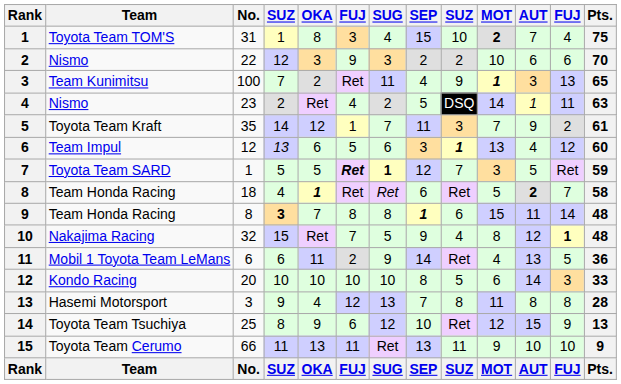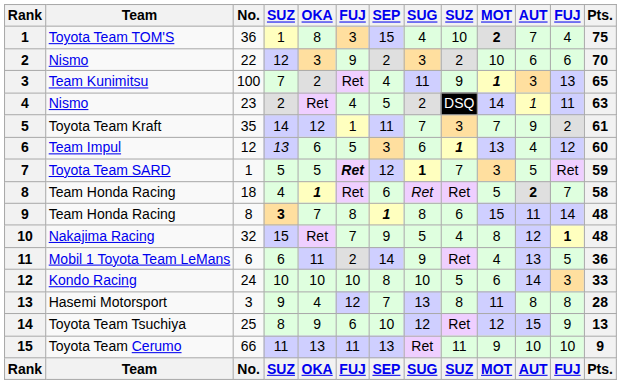 <table class="wikitable" style="font-size:85%; text-align:center">
 <tr>
 <th>Rank</th>
 <th>Team</th>
 <th>No.</th>
 <th><a href='#'>SUZ</a><br></th>
 <th><a href='#'>OKA</a><br></th>
 <th><a href='#'>FUJ</a><br></th>
+<th><a href='#'>SEP</a><br></th>
 <th><a href='#'>SUG</a><br></th>
-<th><a href='#'>SEP</a><br></th>
 <th><a href='#'>SUZ</a><br></th>
 <th><a href='#'>MOT</a><br></th>
 <th><a href='#'>AUT</a><br></th>
 <th><a href='#'>FUJ</a><br></th>
 <th>Pts.</th>
 </tr>
 <tr>
 <th>1</th>
 <td align="left"><a href='#'>Toyota Team TOM'S</a></td>
-<td>31</td>
+<td>36</td>
 <td style="background:#ffffbf;">1</td>
 <td style="background:#DFFFDF;">8</td>
 <td style="background:#ffdf9f;">3</td>
+<td style="background:#cfcfff;">15</td>
 <td style="background:#DFFFDF;">4</td>
-<td style="background:#cfcfff;">15</td>
 <td style="background:#DFFFDF;">10</td>
 <td style="background:#DFDFDF;"><strong>2</strong></td>
 <td style="background:#DFFFDF;">7</td>
 <td style="background:#DFFFDF;">4</td>
 <th>75</th>
 </tr>
 <tr>
 <th>2</th>
 <td align="left"><a href='#'>Nismo</a></td>
 <td>22</td>
 <td style="background:#cfcfff;">12</td>
 <td style="background:#ffdf9f;">3</td>
 <td style="background:#DFFFDF;">9</td>
+<td style="background:#DFDFDF;">2</td>
 <td style="background:#ffdf9f;">3</td>
-<td style="background:#DFDFDF;">2</td>
 <td style="background:#DFDFDF;">2</td>
 <td style="background:#DFFFDF;">10</td>
 <td style="background:#DFFFDF;">6</td>
 <td style="background:#DFFFDF;">6</td>
 <th>70</th>
 </tr>
 <tr>
 <th>3</th>
 <td align="left"><a href='#'>Team Kunimitsu</a></td>
 <td>100</td>
 <td style="background:#DFFFDF;">7</td>
 <td style="background:#DFDFDF;">2</td>
 <td style="background:#efcfff;">Ret</td>
+<td style="background:#DFFFDF;">4</td>
 <td style="background:#cfcfff;">11</td>
-<td style="background:#DFFFDF;">4</td>
 <td style="background:#DFFFDF;">9</td>
 <td style="background:#ffffbf;"><strong><em>1</em></strong></td>
 <td style="background:#ffdf9f;">3</td>
 <td style="background:#cfcfff;">13</td>
 <th>65</th>
 </tr>
 <tr>
 <th>4</th>
 <td align="left"><a href='#'>Nismo</a></td>
 <td>23</td>
 <td style="background:#DFDFDF;">2</td>
 <td style="background:#efcfff;">Ret</td>
 <td style="background:#DFFFDF;">4</td>
+<td style="background:#DFFFDF;">5</td>
 <td style="background:#DFDFDF;">2</td>
-<td style="background:#DFFFDF;">5</td>
 <td style="background:#000000; color:white;">DSQ</td>
 <td style="background:#cfcfff;">14</td>
 <td style="background:#ffffbf;"><em>1</em></td>
 <td style="background:#cfcfff;">11</td>
 <th>63</th>
 </tr>
 <tr>
 <th>5</th>
 <td align="left">Toyota Team Kraft</td>
 <td>35</td>
 <td style="background:#cfcfff;">14</td>
 <td style="background:#cfcfff;">12</td>
 <td style="background:#ffffbf;">1</td>
+<td style="background:#cfcfff;">11</td>
 <td style="background:#DFFFDF;">7</td>
-<td style="background:#cfcfff;">11</td>
 <td style="background:#ffdf9f;">3</td>
 <td style="background:#DFFFDF;">7</td>
 <td style="background:#DFFFDF;">9</td>
 <td style="background:#DFDFDF;">2</td>
 <th>61</th>
 </tr>
 <tr>
 <th>6</th>
 <td align="left"><a href='#'>Team Impul</a></td>
 <td>12</td>
 <td style="background:#cfcfff;"><em>13</em></td>
 <td style="background:#DFFFDF;">6</td>
 <td style="background:#DFFFDF;">5</td>
+<td style="background:#ffdf9f;">3</td>
 <td style="background:#DFFFDF;">6</td>
-<td style="background:#ffdf9f;">3</td>
 <td style="background:#ffffbf;"><strong><em>1</em></strong></td>
 <td style="background:#cfcfff;">13</td>
 <td style="background:#DFFFDF;">4</td>
 <td style="background:#cfcfff;">12</td>
 <th>60</th>
 </tr>
 <tr>
 <th>7</th>
 <td align="left"><a href='#'>Toyota Team SARD</a></td>
 <td>1</td>
 <td style="background:#DFFFDF;">5</td>
 <td style="background:#DFFFDF;">5</td>
 <td style="background:#efcfff;"><strong><em>Ret</em></strong></td>
+<td style="background:#cfcfff;">12</td>
 <td style="background:#ffffbf;"><strong>1</strong></td>
-<td style="background:#cfcfff;">12</td>
 <td style="background:#DFFFDF;">7</td>
 <td style="background:#ffdf9f;">3</td>
 <td style="background:#DFFFDF;">5</td>
 <td style="background:#efcfff;">Ret</td>
 <th>59</th>
 </tr>
 <tr>
 <th>8</th>
 <td align="left">Team Honda Racing</td>
 <td>18</td>
 <td style="background:#DFFFDF;">4</td>
 <td style="background:#ffffbf;"><strong><em>1</em></strong></td>
 <td style="background:#efcfff;">Ret</td>
+<td style="background:#DFFFDF;">6</td>
 <td style="background:#efcfff;"><em>Ret</em></td>
-<td style="background:#DFFFDF;">6</td>
 <td style="background:#efcfff;">Ret</td>
 <td style="background:#DFFFDF;">5</td>
 <td style="background:#DFDFDF;"><strong>2</strong></td>
 <td style="background:#DFFFDF;">7</td>
 <th>58</th>
 </tr>
 <tr>
 <th>9</th>
 <td align="left">Team Honda Racing</td>
 <td>8</td>
 <td style="background:#ffdf9f;"><strong>3</strong></td>
 <td style="background:#DFFFDF;">7</td>
 <td style="background:#DFFFDF;">8</td>
+<td style="background:#ffffbf;"><strong><em>1</em></strong></td>
 <td style="background:#DFFFDF;">8</td>
-<td style="background:#ffffbf;"><strong><em>1</em></strong></td>
 <td style="background:#DFFFDF;">6</td>
 <td style="background:#cfcfff;">15</td>
 <td style="background:#cfcfff;">11</td>
 <td style="background:#cfcfff;">14</td>
 <th>48</th>
 </tr>
 <tr>
 <th>10</th>
 <td align="left"><a href='#'>Nakajima Racing</a></td>
 <td>32</td>
 <td style="background:#cfcfff;">15</td>
 <td style="background:#efcfff;">Ret</td>
 <td style="background:#DFFFDF;">7</td>
+<td style="background:#DFFFDF;">9</td>
 <td style="background:#DFFFDF;">5</td>
-<td style="background:#DFFFDF;">9</td>
 <td style="background:#DFFFDF;">4</td>
 <td style="background:#DFFFDF;">8</td>
 <td style="background:#cfcfff;">12</td>
 <td style="background:#ffffbf;"><strong>1</strong></td>
 <th>48</th>
 </tr>
 <tr>
 <th>11</th>
 <td align="left"><a href='#'>Mobil 1 Toyota Team LeMans</a></td>
 <td>6</td>
 <td style="background:#DFFFDF;">6</td>
 <td style="background:#cfcfff;">11</td>
 <td style="background:#DFDFDF;">2</td>
+<td style="background:#cfcfff;">14</td>
 <td style="background:#DFFFDF;">9</td>
-<td style="background:#cfcfff;">14</td>
 <td style="background:#efcfff;">Ret</td>
 <td style="background:#DFFFDF;">4</td>
 <td style="background:#cfcfff;">13</td>
 <td style="background:#DFFFDF;">5</td>
 <th>36</th>
 </tr>
 <tr>
 <th>12</th>
 <td align="left"><a href='#'>Kondo Racing</a></td>
-<td>20</td>
-<td style="background:#DFFFDF;">10</td>
+<td>24</td>
 <td style="background:#DFFFDF;">10</td>
 <td style="background:#DFFFDF;">10</td>
 <td style="background:#DFFFDF;">10</td>
 <td style="background:#DFFFDF;">8</td>
+<td style="background:#DFFFDF;">10</td>
 <td style="background:#DFFFDF;">5</td>
 <td style="background:#DFFFDF;">6</td>
 <td style="background:#cfcfff;">14</td>
 <td style="background:#ffdf9f;">3</td>
 <th>33</th>
 </tr>
 <tr>
 <th>13</th>
 <td align="left">Hasemi Motorsport</td>
 <td>3</td>
 <td style="background:#DFFFDF;">9</td>
 <td style="background:#DFFFDF;">4</td>
 <td style="background:#cfcfff;">12</td>
+<td style="background:#DFFFDF;">7</td>
 <td style="background:#cfcfff;">13</td>
-<td style="background:#DFFFDF;">7</td>
 <td style="background:#DFFFDF;">8</td>
 <td style="background:#cfcfff;">11</td>
 <td style="background:#DFFFDF;">8</td>
 <td style="background:#DFFFDF;">8</td>
 <th>28</th>
 </tr>
 <tr>
 <th>14</th>
 <td align="left">Toyota Team Tsuchiya</td>
 <td>25</td>
 <td style="background:#DFFFDF;">8</td>
 <td style="background:#DFFFDF;">9</td>
 <td style="background:#DFFFDF;">6</td>
+<td style="background:#DFFFDF;">10</td>
 <td style="background:#cfcfff;">12</td>
-<td style="background:#DFFFDF;">10</td>
 <td style="background:#efcfff;">Ret</td>
 <td style="background:#cfcfff;">12</td>
 <td style="background:#cfcfff;">15</td>
 <td style="background:#DFFFDF;">9</td>
 <th>13</th>
 </tr>
 <tr>
 <th>15</th>
 <td align="left">Toyota Team <a href='#'>Cerumo</a></td>
 <td>66</td>
 <td style="background:#cfcfff;">11</td>
 <td style="background:#cfcfff;">13</td>
 <td style="background:#cfcfff;">11</td>
+<td style="background:#cfcfff;">13</td>
 <td style="background:#efcfff;">Ret</td>
-<td style="background:#cfcfff;">13</td>
 <td style="background:#DFFFDF;">11</td>
 <td style="background:#DFFFDF;">9</td>
 <td style="background:#DFFFDF;">10</td>
 <td style="background:#DFFFDF;">10</td>
 <th>9</th>
 </tr>
 <tr>
 <th>Rank</th>
 <th>Team</th>
 <th>No.</th>
 <th><a href='#'>SUZ</a><br></th>
 <th><a href='#'>OKA</a><br></th>
 <th><a href='#'>FUJ</a><br></th>
+<th><a href='#'>SEP</a><br></th>
 <th><a href='#'>SUG</a><br></th>
-<th><a href='#'>SEP</a><br></th>
 <th><a href='#'>SUZ</a><br></th>
 <th><a href='#'>MOT</a><br></th>
 <th><a href='#'>AUT</a><br></th>
 <th><a href='#'>FUJ</a><br></th>
 <th>Pts.</th>
 </tr>
 </table>
